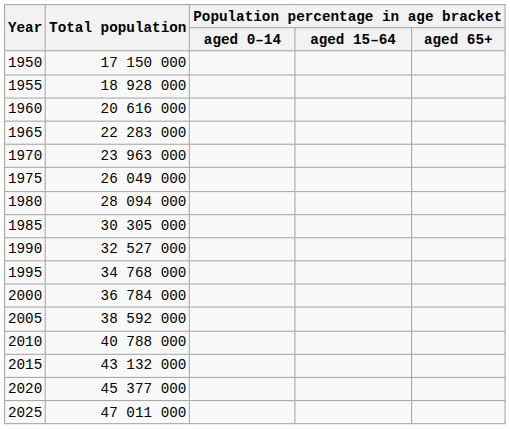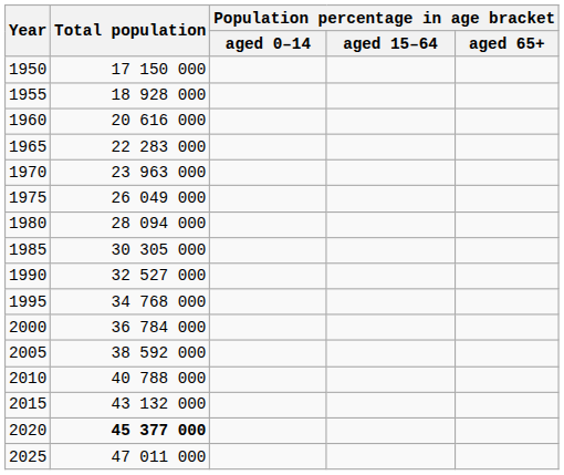 <table class="wikitable" style="text-align: right;">
 <tr>
 <th rowspan=2>Year</th>
 <th rowspan=2>Total population</th>
 <th colspan=3>Population percentage in age bracket</th>
 </tr>
 <tr>
 <th>aged 0–14</th>
 <th>aged 15–64</th>
 <th>aged 65+</th>
 </tr>
 <tr>
 <td>1950</td>
 <td>17 150 000</td>
 <td></td>
 <td></td>
 <td></td>
 </tr>
 <tr>
 <td>1955</td>
 <td>18 928 000</td>
 <td></td>
 <td></td>
 <td></td>
 </tr>
 <tr>
 <td>1960</td>
 <td>20 616 000</td>
 <td></td>
 <td></td>
 <td></td>
 </tr>
 <tr>
 <td>1965</td>
 <td>22 283 000</td>
 <td></td>
 <td></td>
 <td></td>
 </tr>
 <tr>
 <td>1970</td>
 <td>23 963 000</td>
 <td></td>
 <td></td>
 <td></td>
 </tr>
 <tr>
 <td>1975</td>
 <td>26 049 000</td>
 <td></td>
 <td></td>
 <td></td>
 </tr>
 <tr>
 <td>1980</td>
 <td>28 094 000</td>
 <td></td>
 <td></td>
 <td></td>
 </tr>
 <tr>
 <td>1985</td>
 <td>30 305 000</td>
 <td></td>
 <td></td>
 <td></td>
 </tr>
 <tr>
 <td>1990</td>
 <td>32 527 000</td>
 <td></td>
 <td></td>
 <td></td>
 </tr>
 <tr>
 <td>1995</td>
 <td>34 768 000</td>
 <td></td>
 <td></td>
 <td></td>
 </tr>
 <tr>
 <td>2000</td>
 <td>36 784 000</td>
 <td></td>
 <td></td>
 <td></td>
 </tr>
 <tr>
 <td>2005</td>
 <td>38 592 000</td>
 <td></td>
 <td></td>
 <td></td>
 </tr>
 <tr>
 <td>2010</td>
 <td>40 788 000</td>
 <td></td>
 <td></td>
 <td></td>
 </tr>
 <tr>
 <td>2015</td>
 <td>43 132 000</td>
 <td></td>
 <td></td>
 <td></td>
 </tr>
 <tr>
 <td>2020</td>
-<td>45 377 000</td>
+<td><strong>45 377 000</strong></td>
 <td></td>
 <td></td>
 <td></td>
 </tr>
 <tr>
 <td>2025</td>
 <td>47 011 000</td>
 <td></td>
 <td></td>
 <td></td>
 </tr>
 </table>
